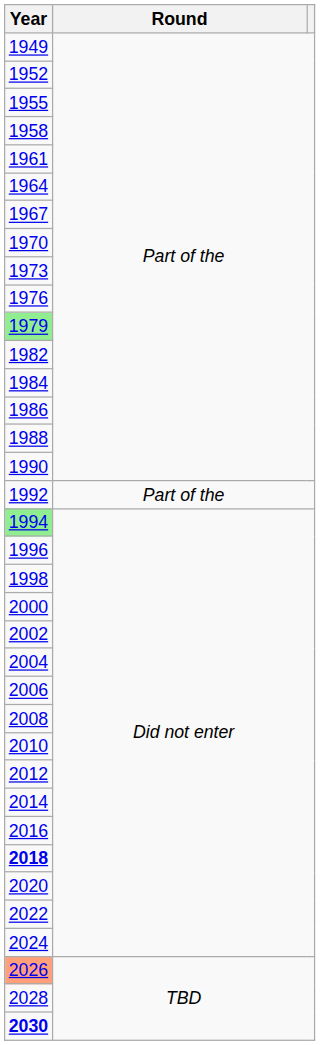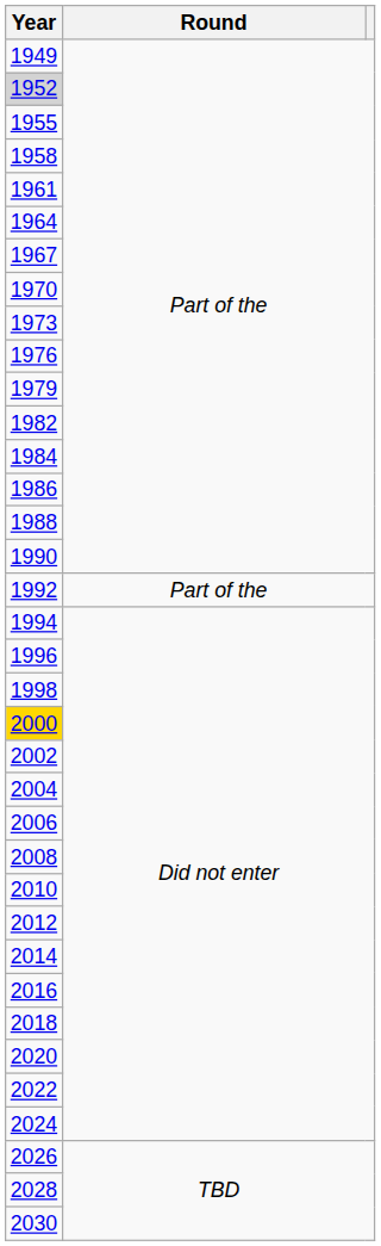 <table class="wikitable" style="text-align: center; font-size:90%">
 <tr>
 <th>Year</th>
 <th style="width:200px">Round</th>
 <th></th>
 </tr>
 <tr>
 <td><a href='#'>1949</a></td>
 <td colspan="2" rowspan="16"><em>Part of the </em></td>
 </tr>
 <tr>
-<td><a href='#'>1952</a></td>
+<td style="background: lightgrey;"><a href='#'>1952</a></td>
 </tr>
 <tr>
 <td><a href='#'>1955</a></td>
 </tr>
 <tr>
 <td><a href='#'>1958</a></td>
 </tr>
 <tr>
 <td><a href='#'>1961</a></td>
 </tr>
 <tr>
 <td><a href='#'>1964</a></td>
 </tr>
 <tr>
 <td><a href='#'>1967</a></td>
 </tr>
 <tr>
 <td><a href='#'>1970</a></td>
 </tr>
 <tr>
 <td><a href='#'>1973</a></td>
 </tr>
 <tr>
 <td><a href='#'>1976</a></td>
 </tr>
 <tr>
-<td style="background: lightgreen;"><a href='#'>1979</a></td>
+<td><a href='#'>1979</a></td>
 </tr>
 <tr>
 <td><a href='#'>1982</a></td>
 </tr>
 <tr>
 <td><a href='#'>1984</a></td>
 </tr>
 <tr>
 <td><a href='#'>1986</a></td>
 </tr>
 <tr>
 <td><a href='#'>1988</a></td>
 </tr>
 <tr>
 <td><a href='#'>1990</a></td>
 </tr>
 <tr>
 <td><a href='#'>1992</a></td>
 <td colspan="2"><em>Part of the </em></td>
 </tr>
 <tr>
-<td style="background: lightgreen;"><a href='#'>1994</a></td>
+<td><a href='#'>1994</a></td>
 <td colspan="2" rowspan="16"><em>Did not enter</em></td>
 </tr>
 <tr>
 <td><a href='#'>1996</a></td>
 </tr>
 <tr>
 <td><a href='#'>1998</a></td>
 </tr>
 <tr>
-<td><a href='#'>2000</a></td>
+<td style="background: gold;"><a href='#'>2000</a></td>
 </tr>
 <tr>
 <td><a href='#'>2002</a></td>
 </tr>
 <tr>
 <td><a href='#'>2004</a></td>
 </tr>
 <tr>
 <td><a href='#'>2006</a></td>
 </tr>
 <tr>
 <td><a href='#'>2008</a></td>
 </tr>
 <tr>
 <td><a href='#'>2010</a></td>
 </tr>
 <tr>
 <td><a href='#'>2012</a></td>
 </tr>
 <tr>
 <td><a href='#'>2014</a></td>
 </tr>
 <tr>
 <td><a href='#'>2016</a></td>
 </tr>
 <tr>
-<td><strong><a href='#'>2018</a></strong></td>
+<td><a href='#'>2018</a></td>
 </tr>
 <tr>
 <td><a href='#'>2020</a></td>
 </tr>
 <tr>
 <td><a href='#'>2022</a></td>
 </tr>
 <tr>
 <td><a href='#'>2024</a></td>
 </tr>
 <tr>
-<td style="background: lightsalmon;"><a href='#'>2026</a></td>
+<td><a href='#'>2026</a></td>
 <td colspan="2" rowspan="3"><em>TBD</em></td>
 </tr>
 <tr>
 <td><a href='#'>2028</a></td>
 </tr>
 <tr>
-<td><strong><a href='#'>2030</a></strong></td>
+<td><a href='#'>2030</a></td>
 </tr>
 </table>
